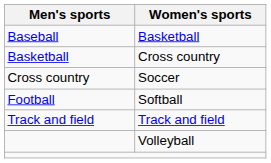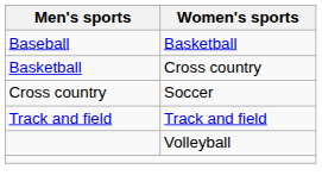 <table class="wikitable">
 <tr>
 <th width=150px>Men's sports</th>
 <th width=150px>Women's sports</th>
 </tr>
 <tr>
 <td><a href='#'>Baseball</a></td>
 <td><a href='#'>Basketball</a></td>
 </tr>
 <tr>
 <td><a href='#'>Basketball</a></td>
 <td>Cross country</td>
 </tr>
 <tr>
 <td>Cross country</td>
 <td>Soccer</td>
 </tr>
 <tr>
-<td><a href='#'>Football</a></td>
-<td>Softball</td>
-</tr>
-<tr>
 <td><a href='#'>Track and field</a></td>
 <td><a href='#'>Track and field</a></td>
 </tr>
 <tr>
 <td></td>
 <td>Volleyball</td>
 </tr>
 <tr>
 <td colspan="2"></td>
 </tr>
 </table>
